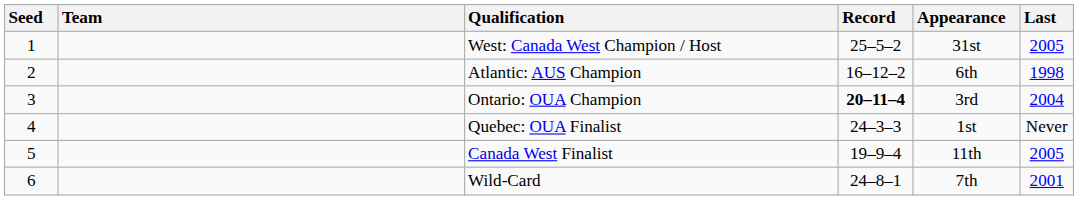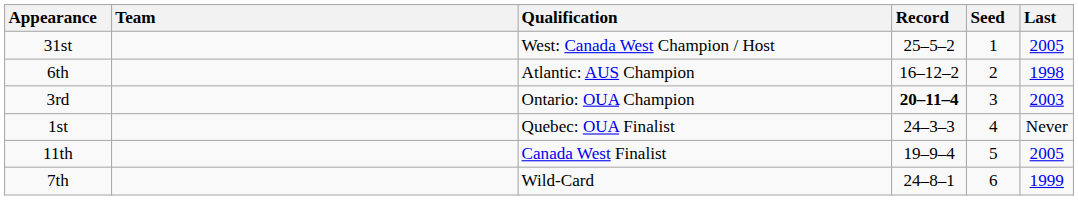 <table class="wikitable sortable" style="text-align: center;" width=1000>
 <tr style="background:#efefef; text-align:center">
-<th style="text-align:left" width=5%>Seed</th>
+<th style="text-align:left" width=10%>Appearance</th>
 <th style="text-align:left" width=38%>Team</th>
 <th style="text-align:left" width=35%>Qualification</th>
 <th style="text-align:left" width=7%>Record</th>
-<th style="text-align:left" width=10%>Appearance</th>
+<th style="text-align:left" width=5%>Seed</th>
 <th style="text-align:left" width=6%>Last</th>
 </tr>
 <tr style="text-align:center">
-<td style="text-align:center">1</td>
+<td style=center>31st</td>
 <td style="text-align:left; "><a href='#'></a></td>
 <td style="text-align:left">West: <a href='#'>Canada West</a> Champion / Host</td>
 <td style="text-align:center">25–5–2</td>
-<td style=center>31st</td>
+<td style="text-align:center">1</td>
 <td style="text-align:center"><a href='#'>2005</a></td>
 </tr>
 <tr style="text-align:center">
-<td style="text-align:center">2</td>
+<td style=center>6th</td>
 <td style="text-align:left; "><a href='#'></a></td>
 <td style="text-align:left">Atlantic: <a href='#'>AUS</a> Champion</td>
 <td style="text-align:center">16–12–2</td>
-<td style=center>6th</td>
+<td style="text-align:center">2</td>
 <td style="teQxt-align:center"><a href='#'>1998</a></td>
 </tr>
 <tr style="text-align:center">
-<td style="text-align:center">3</td>
+<td style=center>3rd</td>
 <td style="text-align:left; "><a href='#'></a></td>
 <td style="text-align:left">Ontario: <a href='#'>OUA</a> Champion</td>
 <td style="text-align:center"><strong>20–11–4</strong></td>
-<td style=center>3rd</td>
-<td style="text-align:center"><a href='#'>2004</a></td>
+<td style="text-align:center">3</td>
+<td style="text-align:center"><a href='#'>2003</a></td>
 </tr>
 <tr style="text-align:center">
-<td style="text-align:center">4</td>
+<td style=center>1st</td>
 <td style="text-align:left; "><a href='#'></a></td>
 <td style="text-align:left">Quebec: <a href='#'>OUA</a> Finalist</td>
 <td style="text-align:center">24–3–3</td>
-<td style=center>1st</td>
+<td style="text-align:center">4</td>
 <td style="text-align:center">Never</td>
 </tr>
 <tr style="text-align:center">
-<td style="text-align:center">5</td>
+<td style=center>11th</td>
 <td style="text-align:left; "><a href='#'></a></td>
 <td style="text-align:left"><a href='#'>Canada West</a> Finalist</td>
 <td style="text-align:center">19–9–4</td>
-<td style=center>11th</td>
+<td style="text-align:center">5</td>
 <td style="text-align:center"><a href='#'>2005</a></td>
 </tr>
 <tr style="text-align:center">
-<td style="text-align:center">6</td>
+<td style=center>7th</td>
 <td style="text-align:left; "><a href='#'></a></td>
 <td style="text-align:left">Wild-Card</td>
 <td style="text-align:center">24–8–1</td>
-<td style=center>7th</td>
-<td style="text-align:center"><a href='#'>2001</a></td>
+<td style="text-align:center">6</td>
+<td style="text-align:center"><a href='#'>1999</a></td>
 </tr>
 </table>
